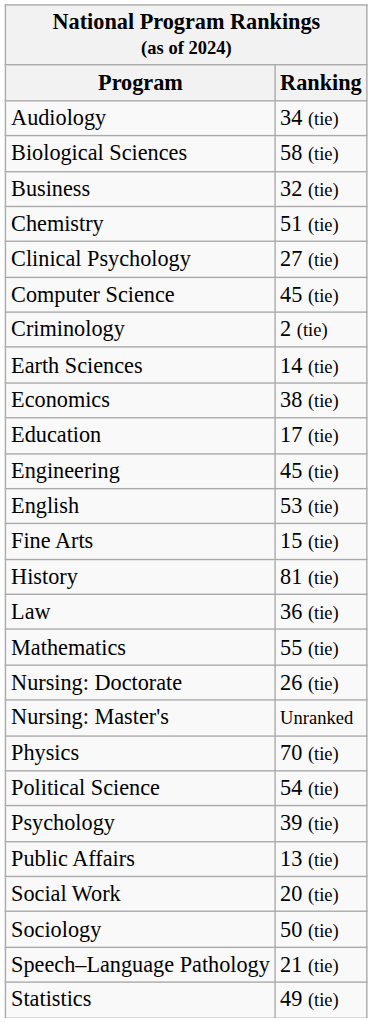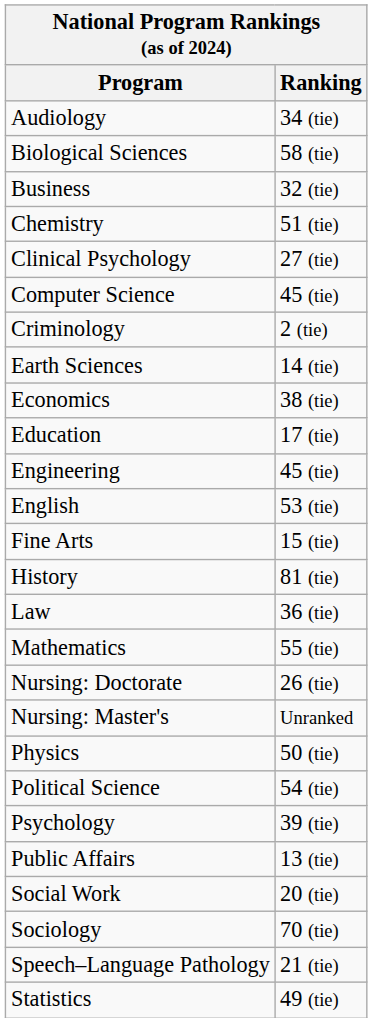 <table class="wikitable sortable collapsible collapsed" style="float:right" "text-align:center">
 <tr>
 <th colspan=4>National Program Rankings<br><small>(as of 2024)</small></th>
 </tr>
 <tr>
 <th>Program</th>
 <th>Ranking</th>
 </tr>
 <tr>
 <td>Audiology</td>
 <td>34 <small>(tie)</small></td>
 </tr>
 <tr>
 <td>Biological Sciences</td>
 <td>58 <small>(tie)</small></td>
 </tr>
 <tr>
 <td>Business</td>
 <td>32 <small>(tie)</small></td>
 </tr>
 <tr>
 <td>Chemistry</td>
 <td>51 <small>(tie)</small></td>
 </tr>
 <tr>
 <td>Clinical Psychology</td>
 <td>27 <small>(tie)</small></td>
 </tr>
 <tr>
 <td>Computer Science</td>
 <td>45 <small>(tie)</small></td>
 </tr>
 <tr>
 <td>Criminology</td>
 <td>2 <small>(tie)</small></td>
 </tr>
 <tr>
 <td>Earth Sciences</td>
 <td>14 <small>(tie)</small></td>
 </tr>
 <tr>
 <td>Economics</td>
 <td>38 <small>(tie)</small></td>
 </tr>
 <tr>
 <td>Education</td>
 <td>17 <small>(tie)</small></td>
 </tr>
 <tr>
 <td>Engineering</td>
 <td>45 <small>(tie)</small></td>
 </tr>
 <tr>
 <td>English</td>
 <td>53 <small>(tie)</small></td>
 </tr>
 <tr>
 <td>Fine Arts</td>
 <td>15 <small>(tie)</small></td>
 </tr>
 <tr>
 <td>History</td>
 <td>81 <small>(tie)</small></td>
 </tr>
 <tr>
 <td>Law</td>
 <td>36 <small>(tie)</small></td>
 </tr>
 <tr>
 <td>Mathematics</td>
 <td>55 <small>(tie)</small></td>
 </tr>
 <tr>
 <td>Nursing: Doctorate</td>
 <td>26 <small>(tie)</small></td>
 </tr>
 <tr>
 <td>Nursing: Master's</td>
 <td><small>Unranked</small></td>
 </tr>
 <tr>
 <td>Physics</td>
-<td>70 <small>(tie)</small></td>
+<td>50 <small>(tie)</small></td>
 </tr>
 <tr>
 <td>Political Science</td>
 <td>54 <small>(tie)</small></td>
 </tr>
 <tr>
 <td>Psychology</td>
 <td>39 <small>(tie)</small></td>
 </tr>
 <tr>
 <td>Public Affairs</td>
 <td>13 <small>(tie)</small></td>
 </tr>
 <tr>
 <td>Social Work</td>
 <td>20 <small>(tie)</small></td>
 </tr>
 <tr>
 <td>Sociology</td>
-<td>50 <small>(tie)</small></td>
+<td>70 <small>(tie)</small></td>
 </tr>
 <tr>
 <td>Speech–Language Pathology</td>
 <td>21 <small>(tie)</small></td>
 </tr>
 <tr>
 <td>Statistics</td>
 <td>49 <small>(tie)</small></td>
 </tr>
 </table>
